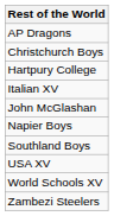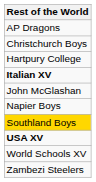 <table class="wikitable">
 <tr>
 <th>Rest of the World </th>
 </tr>
 <tr>
 <td> AP Dragons</td>
 </tr>
 <tr>
 <td> Christchurch Boys</td>
 </tr>
 <tr>
 <td> Hartpury College</td>
 </tr>
 <tr>
-<td> Italian XV</td>
+<td><strong> Italian XV</strong></td>
 </tr>
 <tr>
 <td> John McGlashan</td>
 </tr>
 <tr>
 <td> Napier Boys</td>
 </tr>
 <tr>
-<td> Southland Boys</td>
+<td style="background: gold;"> Southland Boys</td>
 </tr>
 <tr>
-<td> USA XV</td>
+<td><strong> USA XV</strong></td>
 </tr>
 <tr>
 <td> World Schools XV</td>
 </tr>
 <tr>
 <td> Zambezi Steelers</td>
 </tr>
 </table>
